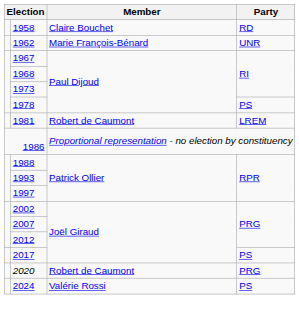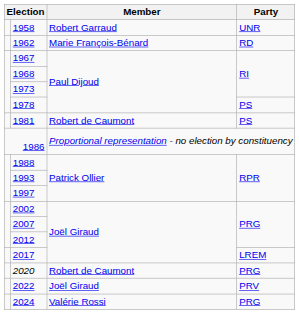 <table class="wikitable">
 <tr>
 <th colspan="2">Election</th>
 <th>Member</th>
 <th>Party</th>
 </tr>
 <tr>
 <td style="color:inherit;background-color: "></td>
 <td><a href='#'>1958</a></td>
-<td><a href='#'>Claire Bouchet</a></td>
-<td><a href='#'>RD</a></td>
+<td><a href='#'>Robert Garraud</a></td>
+<td><a href='#'>UNR</a></td>
 </tr>
 <tr>
 <td style="color:inherit;background-color: "></td>
 <td><a href='#'>1962</a></td>
 <td><a href='#'>Marie François-Bénard</a></td>
-<td><a href='#'>UNR</a></td>
+<td><a href='#'>RD</a></td>
 </tr>
 <tr>
 <td rowspan="4" style="background-color: "></td>
 <td><a href='#'>1967</a></td>
 <td rowspan="4"><a href='#'>Paul Dijoud</a></td>
 <td rowspan="3"><a href='#'>RI</a></td>
 </tr>
 <tr>
 <td><a href='#'>1968</a></td>
 </tr>
 <tr>
 <td><a href='#'>1973</a></td>
 </tr>
 <tr>
 <td><a href='#'>1978</a></td>
 <td><a href='#'>PS</a></td>
 </tr>
 <tr>
 <td style="color:inherit;background-color: "></td>
 <td><a href='#'>1981</a></td>
 <td><a href='#'>Robert de Caumont</a></td>
-<td><a href='#'>LREM</a></td>
+<td><a href='#'>PS</a></td>
 </tr>
 <tr>
 <td colspan="2" align="right"><br><a href='#'>1986</a></td>
 <td colspan="2"><em><a href='#'>Proportional representation</a> - no election by constituency</em></td>
 </tr>
 <tr>
 <td rowspan="3" style="background-color: "></td>
 <td><a href='#'>1988</a></td>
 <td rowspan="3"><a href='#'>Patrick Ollier</a></td>
 <td rowspan="3"><a href='#'>RPR</a></td>
 </tr>
 <tr>
 <td><a href='#'>1993</a></td>
 </tr>
 <tr>
 <td><a href='#'>1997</a></td>
 </tr>
 <tr>
 <td rowspan="3" style="background-color: "></td>
 <td><a href='#'>2002</a></td>
 <td rowspan="4"><a href='#'>Joël Giraud</a></td>
 <td rowspan="3"><a href='#'>PRG</a></td>
 </tr>
 <tr>
 <td><a href='#'>2007</a></td>
 </tr>
 <tr>
 <td><a href='#'>2012</a></td>
 </tr>
 <tr>
 <td style="color:inherit;background-color: "></td>
 <td><a href='#'>2017</a></td>
-<td><a href='#'>PS</a></td>
+<td><a href='#'>LREM</a></td>
 </tr>
 <tr>
 <td style="color:inherit;background-color: "></td>
 <td><em>2020</em></td>
 <td><a href='#'>Robert de Caumont</a></td>
 <td><a href='#'>PRG</a></td>
 </tr>
 <tr>
 <td style="color:inherit;background-color: "></td>
+<td><a href='#'>2022</a></td>
+<td><a href='#'>Joël Giraud</a></td>
+<td><a href='#'>PRV</a></td>
+</tr>
+<tr>
+<td style="color:inherit;background-color: "></td>
 <td><a href='#'>2024</a></td>
 <td><a href='#'>Valérie Rossi</a></td>
-<td><a href='#'>PS</a></td>
+<td><a href='#'>PRG</a></td>
 </tr>
 </table>
